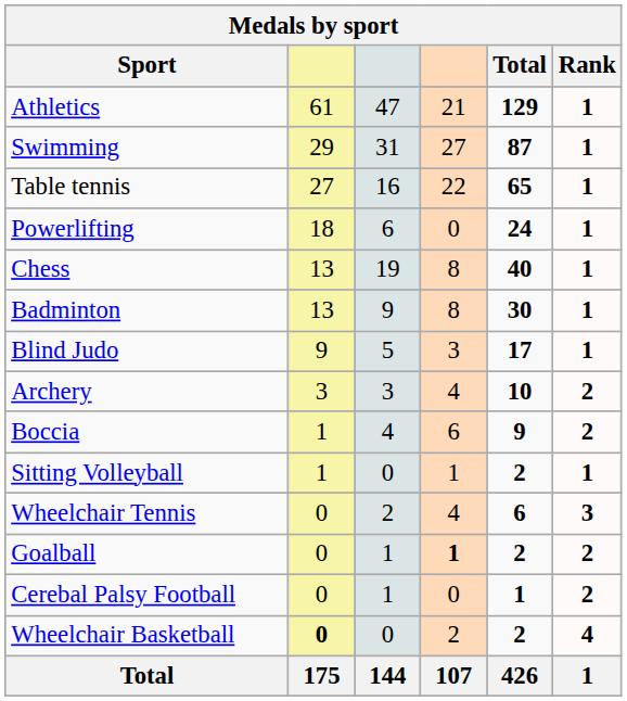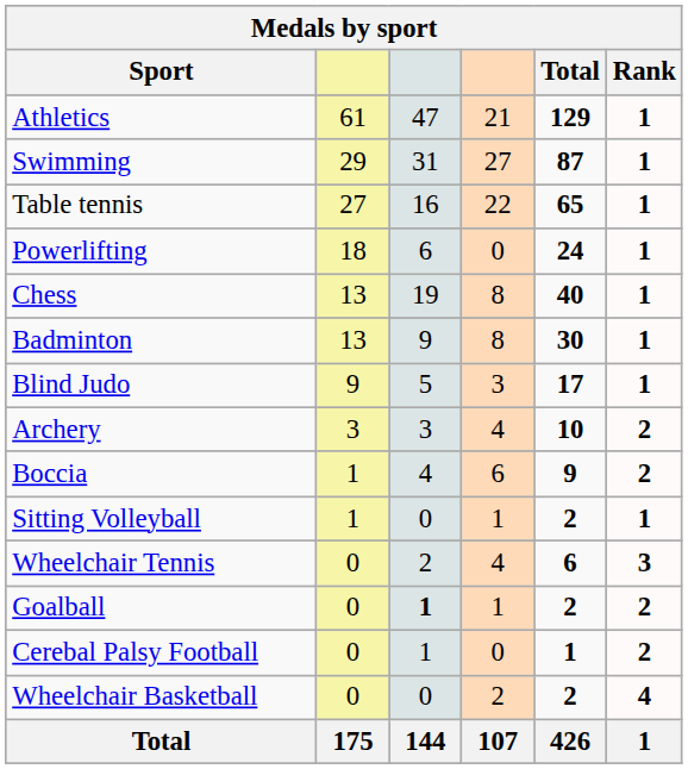 <table class="wikitable" style=font-size:85%;float:center;text-align:center>
 <tr>
 <th colspan=6>Medals by sport</th>
 </tr>
 <tr>
 <th width=150>Sport</th>
 <th scope="col" width=30 style="background:#F7F6A8;"></th>
 <th scope="col" width=30 style="background:#DCE5E5;"></th>
 <th scope="col" width=30 style="background:#FFDAB9;"></th>
 <th width=30>Total</th>
 <th width=30>Rank</th>
 </tr>
 <tr>
 <td align=left><a href='#'>Athletics</a></td>
 <td style="background:#F7F6A8;">61</td>
 <td style="background:#DCE5E5;">47</td>
 <td style="background:#FFDAB9;">21</td>
 <td><strong>129</strong></td>
 <td style="background:#FFFAFA;"><strong>1</strong></td>
 </tr>
 <tr>
 <td align=left><a href='#'>Swimming</a></td>
 <td style="background:#F7F6A8;">29</td>
 <td style="background:#DCE5E5;">31</td>
 <td style="background:#FFDAB9;">27</td>
 <td><strong>87</strong></td>
 <td style="background:#FFFAFA;"><strong>1</strong></td>
 </tr>
 <tr>
 <td align=left>Table tennis</td>
 <td style="background:#F7F6A8;">27</td>
 <td style="background:#DCE5E5;">16</td>
 <td style="background:#FFDAB9;">22</td>
 <td><strong>65</strong></td>
 <td style="background:#FFFAFA;"><strong>1</strong></td>
 </tr>
 <tr>
 <td align=left><a href='#'>Powerlifting</a></td>
 <td style="background:#F7F6A8;">18</td>
 <td style="background:#DCE5E5;">6</td>
 <td style="background:#FFDAB9;">0</td>
 <td><strong>24</strong></td>
 <td style="background:#FFFAFA;"><strong>1</strong></td>
 </tr>
 <tr>
 <td align=left><a href='#'>Chess</a></td>
 <td style="background:#F7F6A8;">13</td>
 <td style="background:#DCE5E5;">19</td>
 <td style="background:#FFDAB9;">8</td>
 <td><strong>40</strong></td>
 <td style="background:#FFFAFA;"><strong>1</strong></td>
 </tr>
 <tr>
 <td align=left><a href='#'>Badminton</a></td>
 <td style="background:#F7F6A8;">13</td>
 <td style="background:#DCE5E5;">9</td>
 <td style="background:#FFDAB9;">8</td>
 <td><strong>30</strong></td>
 <td style="background:#FFFAFA;"><strong>1</strong></td>
 </tr>
 <tr>
 <td align=left><a href='#'>Blind Judo</a></td>
 <td style="background:#F7F6A8;">9</td>
 <td style="background:#DCE5E5;">5</td>
 <td style="background:#FFDAB9;">3</td>
 <td><strong>17</strong></td>
 <td style="background:#FFFAFA;"><strong>1</strong></td>
 </tr>
 <tr>
 <td align=left><a href='#'>Archery</a></td>
 <td style="background:#F7F6A8;">3</td>
 <td style="background:#DCE5E5;">3</td>
 <td style="background:#FFDAB9;">4</td>
 <td><strong>10</strong></td>
 <td style="background:#FFFAFA;"><strong>2</strong></td>
 </tr>
 <tr>
 <td align=left><a href='#'>Boccia</a></td>
 <td style="background:#F7F6A8;">1</td>
 <td style="background:#DCE5E5;">4</td>
 <td style="background:#FFDAB9;">6</td>
 <td><strong>9</strong></td>
 <td style="background:#FFFAFA;"><strong>2</strong></td>
 </tr>
 <tr>
 <td align=left><a href='#'>Sitting Volleyball</a></td>
 <td style="background:#F7F6A8;">1</td>
 <td style="background:#DCE5E5;">0</td>
 <td style="background:#FFDAB9;">1</td>
 <td><strong>2</strong></td>
 <td style="background:#FFFAFA;"><strong>1</strong></td>
 </tr>
 <tr>
 <td align=left><a href='#'>Wheelchair Tennis</a></td>
 <td style="background:#F7F6A8;">0</td>
 <td style="background:#DCE5E5;">2</td>
 <td style="background:#FFDAB9;">4</td>
 <td><strong>6</strong></td>
 <td style="background:#FFFAFA;"><strong>3</strong></td>
 </tr>
 <tr>
 <td align=left><a href='#'>Goalball</a></td>
 <td style="background:#F7F6A8;">0</td>
-<td style="background:#DCE5E5;">1</td>
-<td style="background:#FFDAB9;"><strong>1</strong></td>
+<td style="background:#DCE5E5;"><strong>1</strong></td>
+<td style="background:#FFDAB9;">1</td>
 <td><strong>2</strong></td>
 <td style="background:#FFFAFA;"><strong>2</strong></td>
 </tr>
 <tr>
 <td align=left><a href='#'>Cerebal Palsy Football</a></td>
 <td style="background:#F7F6A8;">0</td>
 <td style="background:#DCE5E5;">1</td>
 <td style="background:#FFDAB9;">0</td>
 <td><strong>1</strong></td>
 <td style="background:#FFFAFA;"><strong>2</strong></td>
 </tr>
 <tr>
 <td align=left><a href='#'>Wheelchair Basketball</a></td>
-<td style="background:#F7F6A8;"><strong>0</strong></td>
+<td style="background:#F7F6A8;">0</td>
 <td style="background:#DCE5E5;">0</td>
 <td style="background:#FFDAB9;">2</td>
 <td><strong>2</strong></td>
 <td style="background:#FFFAFA;"><strong>4</strong></td>
 </tr>
 <tr class="sortbottom">
 <th>Total</th>
 <th>175</th>
 <th>144</th>
 <th>107</th>
 <th>426</th>
 <th><strong>1</strong></th>
 </tr>
 </table>
